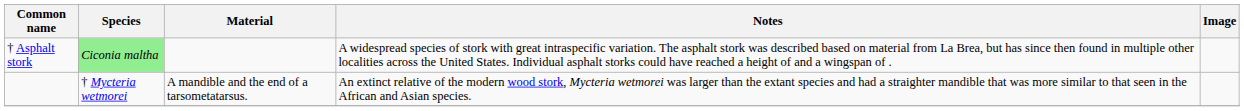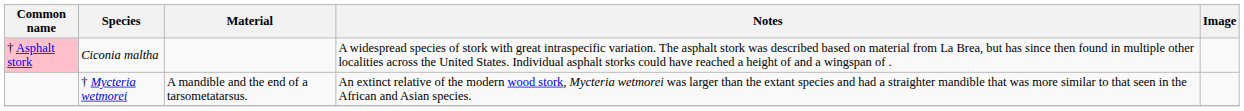 <table class="wikitable" align="center" width="100%">
 <tr>
 <th>Common name</th>
 <th>Species</th>
 <th>Material</th>
 <th>Notes</th>
 <th>Image</th>
 </tr>
 <tr>
-<td>† <a href='#'>Asphalt stork</a></td>
-<td style="background: lightgreen;"><em>Ciconia maltha</em></td>
+<td style="background: pink;">† <a href='#'>Asphalt stork</a></td>
+<td><em>Ciconia maltha</em></td>
 <td></td>
 <td>A widespread species of stork with great intraspecific variation. The asphalt stork was described based on material from La Brea, but has since then found in multiple other localities across the United States. Individual asphalt storks could have reached a height of  and a wingspan of .</td>
 <td></td>
 </tr>
 <tr>
 <td></td>
 <td>† <em><a href='#'>Mycteria wetmorei</a></em></td>
 <td>A mandible and the end of a tarsometatarsus.</td>
 <td>An extinct relative of the modern <a href='#'>wood stork</a>, <em>Mycteria wetmorei</em> was larger than the extant species and had a straighter mandible that was more similar to that seen in the African and Asian species.</td>
 <td></td>
 </tr>
 <tr>
 </tr>
 </table>
